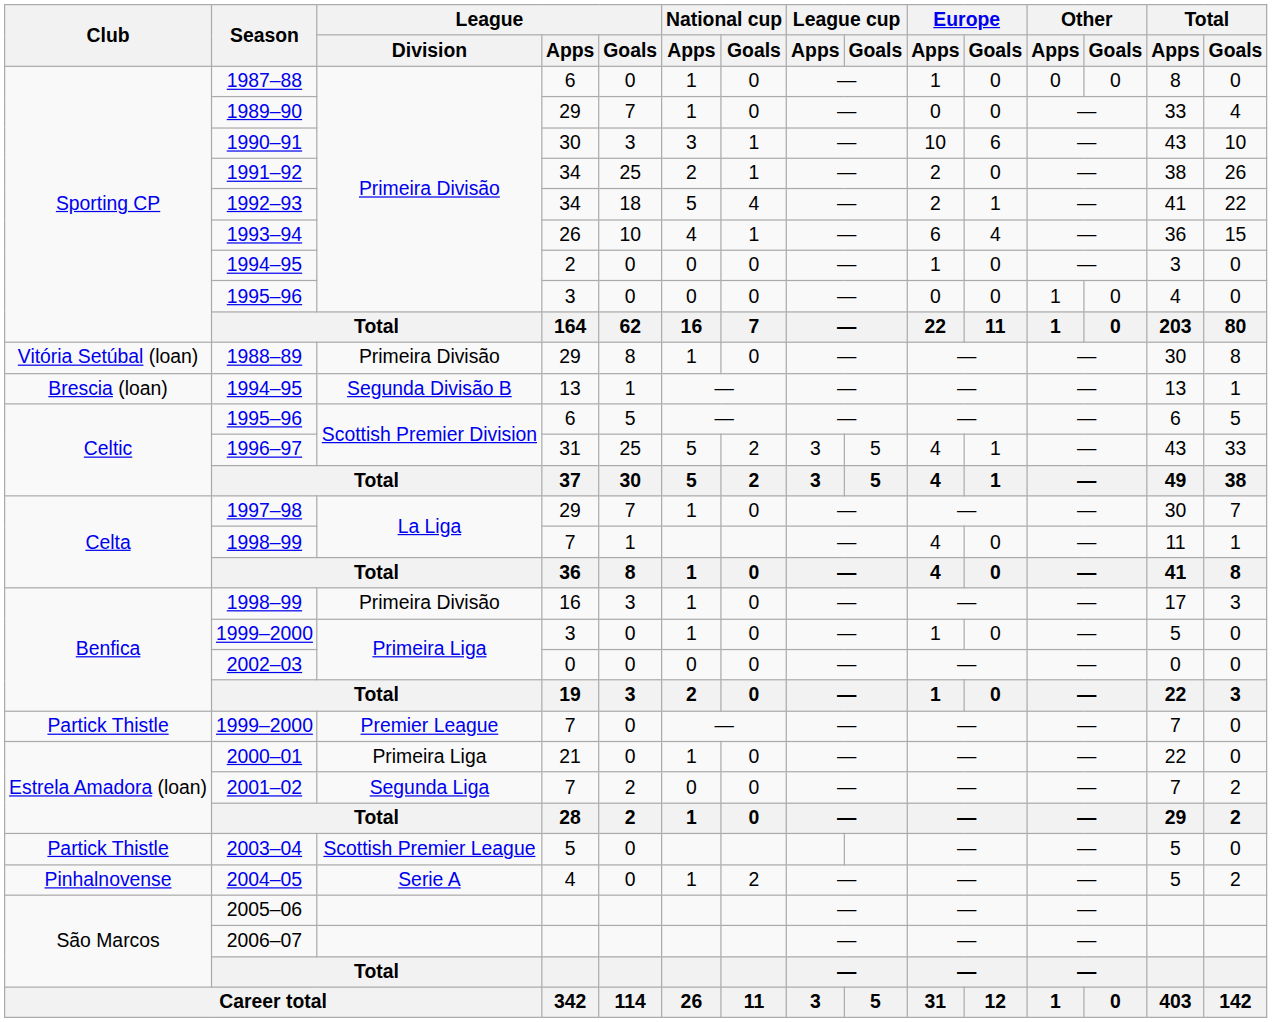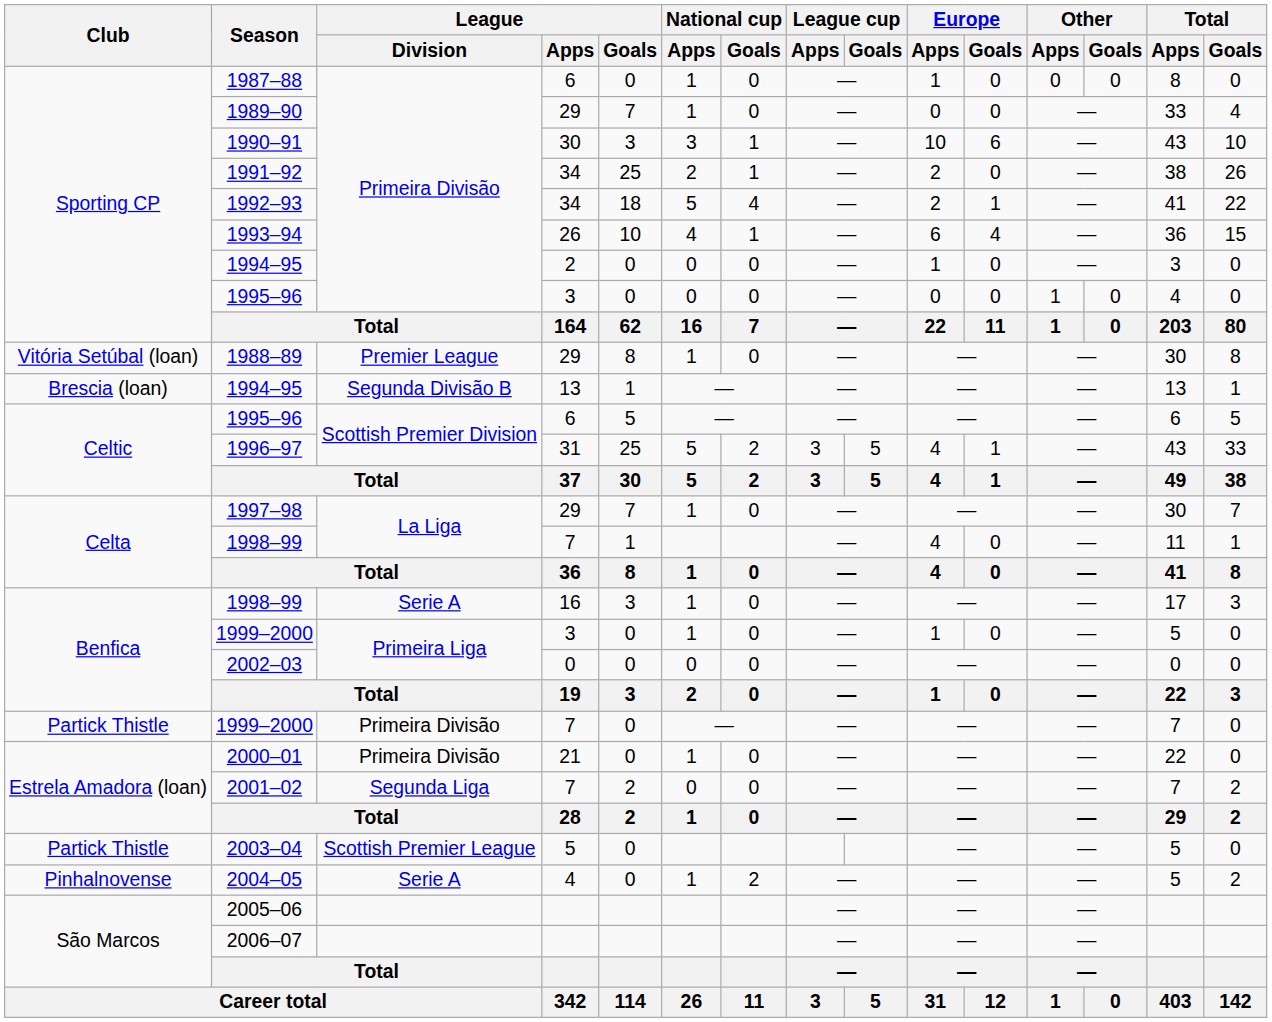 <table class="wikitable" style="text-align:center">
 <tr>
 <th rowspan="2">Club</th>
 <th rowspan="2">Season</th>
 <th colspan="3">League</th>
 <th colspan="2">National cup</th>
 <th colspan="2">League cup</th>
 <th colspan="2"><a href='#'>Europe</a></th>
 <th colspan="2">Other</th>
 <th colspan="2">Total</th>
 </tr>
 <tr>
 <th>Division</th>
 <th>Apps</th>
 <th>Goals</th>
 <th>Apps</th>
 <th>Goals</th>
 <th>Apps</th>
 <th>Goals</th>
 <th>Apps</th>
 <th>Goals</th>
 <th>Apps</th>
 <th>Goals</th>
 <th>Apps</th>
 <th>Goals</th>
 </tr>
 <tr>
 <td rowspan="9"><a href='#'>Sporting CP</a></td>
 <td><a href='#'>1987–88</a></td>
 <td rowspan="8"><a href='#'>Primeira Divisão</a></td>
 <td>6</td>
 <td>0</td>
 <td>1</td>
 <td>0</td>
 <td colspan="2">—</td>
 <td>1</td>
 <td>0</td>
 <td>0</td>
 <td>0</td>
 <td>8</td>
 <td>0</td>
 </tr>
 <tr>
 <td><a href='#'>1989–90</a></td>
 <td>29</td>
 <td>7</td>
 <td>1</td>
 <td>0</td>
 <td colspan="2">—</td>
 <td>0</td>
 <td>0</td>
 <td colspan="2">—</td>
 <td>33</td>
 <td>4</td>
 </tr>
 <tr>
 <td><a href='#'>1990–91</a></td>
 <td>30</td>
 <td>3</td>
 <td>3</td>
 <td>1</td>
 <td colspan="2">—</td>
 <td>10</td>
 <td>6</td>
 <td colspan="2">—</td>
 <td>43</td>
 <td>10</td>
 </tr>
 <tr>
 <td><a href='#'>1991–92</a></td>
 <td>34</td>
 <td>25</td>
 <td>2</td>
 <td>1</td>
 <td colspan="2">—</td>
 <td>2</td>
 <td>0</td>
 <td colspan="2">—</td>
 <td>38</td>
 <td>26</td>
 </tr>
 <tr>
 <td><a href='#'>1992–93</a></td>
 <td>34</td>
 <td>18</td>
 <td>5</td>
 <td>4</td>
 <td colspan="2">—</td>
 <td>2</td>
 <td>1</td>
 <td colspan="2">—</td>
 <td>41</td>
 <td>22</td>
 </tr>
 <tr>
 <td><a href='#'>1993–94</a></td>
 <td>26</td>
 <td>10</td>
 <td>4</td>
 <td>1</td>
 <td colspan="2">—</td>
 <td>6</td>
 <td>4</td>
 <td colspan="2">—</td>
 <td>36</td>
 <td>15</td>
 </tr>
 <tr>
 <td><a href='#'>1994–95</a></td>
 <td>2</td>
 <td>0</td>
 <td>0</td>
 <td>0</td>
 <td colspan="2">—</td>
 <td>1</td>
 <td>0</td>
 <td colspan="2">—</td>
 <td>3</td>
 <td>0</td>
 </tr>
 <tr>
 <td><a href='#'>1995–96</a></td>
 <td>3</td>
 <td>0</td>
 <td>0</td>
 <td>0</td>
 <td colspan="2">—</td>
 <td>0</td>
 <td>0</td>
 <td>1</td>
 <td>0</td>
 <td>4</td>
 <td>0</td>
 </tr>
 <tr>
 <th colspan="2">Total</th>
 <th>164</th>
 <th>62</th>
 <th>16</th>
 <th>7</th>
 <th colspan="2">—</th>
 <th>22</th>
 <th>11</th>
 <th>1</th>
 <th>0</th>
 <th>203</th>
 <th>80</th>
 </tr>
 <tr>
 <td rowspan="1"><a href='#'>Vitória Setúbal</a> (loan)</td>
 <td><a href='#'>1988–89</a></td>
-<td>Primeira Divisão</td>
+<td><a href='#'>Premier League</a></td>
 <td>29</td>
 <td>8</td>
 <td>1</td>
 <td>0</td>
 <td colspan="2">—</td>
 <td colspan="2">—</td>
 <td colspan="2">—</td>
 <td>30</td>
 <td>8</td>
 </tr>
 <tr>
 <td rowspan="1"><a href='#'>Brescia</a> (loan)</td>
 <td><a href='#'>1994–95</a></td>
 <td><a href='#'>Segunda Divisão B</a></td>
 <td>13</td>
 <td>1</td>
 <td colspan="2">—</td>
 <td colspan="2">—</td>
 <td colspan="2">—</td>
 <td colspan="2">—</td>
 <td>13</td>
 <td>1</td>
 </tr>
 <tr>
 <td rowspan="3"><a href='#'>Celtic</a></td>
 <td><a href='#'>1995–96</a></td>
 <td rowspan="2"><a href='#'>Scottish Premier Division</a></td>
 <td>6</td>
 <td>5</td>
 <td colspan="2">—</td>
 <td colspan="2">—</td>
 <td colspan="2">—</td>
 <td colspan="2">—</td>
 <td>6</td>
 <td>5</td>
 </tr>
 <tr>
 <td><a href='#'>1996–97</a></td>
 <td>31</td>
 <td>25</td>
 <td>5</td>
 <td>2</td>
 <td>3</td>
 <td>5</td>
 <td>4</td>
 <td>1</td>
 <td colspan="2">—</td>
 <td>43</td>
 <td>33</td>
 </tr>
 <tr>
 <th colspan="2">Total</th>
 <th>37</th>
 <th>30</th>
 <th>5</th>
 <th>2</th>
 <th>3</th>
 <th>5</th>
 <th>4</th>
 <th>1</th>
 <th colspan="2">—</th>
 <th>49</th>
 <th>38</th>
 </tr>
 <tr>
 <td rowspan="3"><a href='#'>Celta</a></td>
 <td><a href='#'>1997–98</a></td>
 <td rowspan="2"><a href='#'>La Liga</a></td>
 <td>29</td>
 <td>7</td>
 <td>1</td>
 <td>0</td>
 <td colspan="2">—</td>
 <td colspan="2">—</td>
 <td colspan="2">—</td>
 <td>30</td>
 <td>7</td>
 </tr>
 <tr>
 <td><a href='#'>1998–99</a></td>
 <td>7</td>
 <td>1</td>
 <td></td>
 <td></td>
 <td colspan="2">—</td>
 <td>4</td>
 <td>0</td>
 <td colspan="2">—</td>
 <td>11</td>
 <td>1</td>
 </tr>
 <tr>
 <th colspan="2">Total</th>
 <th>36</th>
 <th>8</th>
 <th>1</th>
 <th>0</th>
 <th colspan="2">—</th>
 <th>4</th>
 <th>0</th>
 <th colspan="2">—</th>
 <th>41</th>
 <th>8</th>
 </tr>
 <tr>
 <td rowspan="4"><a href='#'>Benfica</a></td>
 <td><a href='#'>1998–99</a></td>
-<td>Primeira Divisão</td>
+<td><a href='#'>Serie A</a></td>
 <td>16</td>
 <td>3</td>
 <td>1</td>
 <td>0</td>
 <td colspan="2">—</td>
 <td colspan="2">—</td>
 <td colspan="2">—</td>
 <td>17</td>
 <td>3</td>
 </tr>
 <tr>
 <td><a href='#'>1999–2000</a></td>
 <td rowspan="2"><a href='#'>Primeira Liga</a></td>
 <td>3</td>
 <td>0</td>
 <td>1</td>
 <td>0</td>
 <td colspan="2">—</td>
 <td>1</td>
 <td>0</td>
 <td colspan="2">—</td>
 <td>5</td>
 <td>0</td>
 </tr>
 <tr>
 <td><a href='#'>2002–03</a></td>
 <td>0</td>
 <td>0</td>
 <td>0</td>
 <td>0</td>
 <td colspan="2">—</td>
 <td colspan="2">—</td>
 <td colspan="2">—</td>
 <td>0</td>
 <td>0</td>
 </tr>
 <tr>
 <th colspan="2">Total</th>
 <th>19</th>
 <th>3</th>
 <th>2</th>
 <th>0</th>
 <th colspan="2">—</th>
 <th>1</th>
 <th>0</th>
 <th colspan="2">—</th>
 <th>22</th>
 <th>3</th>
 </tr>
 <tr>
 <td rowspan="1"><a href='#'>Partick Thistle</a></td>
 <td><a href='#'>1999–2000</a></td>
-<td><a href='#'>Premier League</a></td>
+<td>Primeira Divisão</td>
 <td>7</td>
 <td>0</td>
 <td colspan="2">—</td>
 <td colspan="2">—</td>
 <td colspan="2">—</td>
 <td colspan="2">—</td>
 <td>7</td>
 <td>0</td>
 </tr>
 <tr>
 <td rowspan="3"><a href='#'>Estrela Amadora</a> (loan)</td>
 <td><a href='#'>2000–01</a></td>
-<td>Primeira Liga</td>
+<td>Primeira Divisão</td>
 <td>21</td>
 <td>0</td>
 <td>1</td>
 <td>0</td>
 <td colspan="2">—</td>
 <td colspan="2">—</td>
 <td colspan="2">—</td>
 <td>22</td>
 <td>0</td>
 </tr>
 <tr>
 <td><a href='#'>2001–02</a></td>
 <td><a href='#'>Segunda Liga</a></td>
 <td>7</td>
 <td>2</td>
 <td>0</td>
 <td>0</td>
 <td colspan="2">—</td>
 <td colspan="2">—</td>
 <td colspan="2">—</td>
 <td>7</td>
 <td>2</td>
 </tr>
 <tr>
 <th colspan="2">Total</th>
 <th>28</th>
 <th>2</th>
 <th>1</th>
 <th>0</th>
 <th colspan="2">—</th>
 <th colspan="2">—</th>
 <th colspan="2">—</th>
 <th>29</th>
 <th>2</th>
 </tr>
 <tr>
 <td rowspan="1"><a href='#'>Partick Thistle</a></td>
 <td><a href='#'>2003–04</a></td>
 <td><a href='#'>Scottish Premier League</a></td>
 <td>5</td>
 <td>0</td>
 <td></td>
 <td></td>
 <td></td>
 <td></td>
 <td colspan="2">—</td>
 <td colspan="2">—</td>
 <td>5</td>
 <td>0</td>
 </tr>
 <tr>
 <td rowspan="1"><a href='#'>Pinhalnovense</a></td>
 <td><a href='#'>2004–05</a></td>
 <td><a href='#'>Serie A</a></td>
 <td>4</td>
 <td>0</td>
 <td>1</td>
 <td>2</td>
 <td colspan="2">—</td>
 <td colspan="2">—</td>
 <td colspan="2">—</td>
 <td>5</td>
 <td>2</td>
 </tr>
 <tr>
 <td rowspan="3">São Marcos</td>
 <td>2005–06</td>
 <td></td>
 <td></td>
 <td></td>
 <td></td>
 <td></td>
 <td colspan="2">—</td>
 <td colspan="2">—</td>
 <td colspan="2">—</td>
 <td></td>
 <td></td>
 </tr>
 <tr>
 <td>2006–07</td>
 <td></td>
 <td></td>
 <td></td>
 <td></td>
 <td></td>
 <td colspan="2">—</td>
 <td colspan="2">—</td>
 <td colspan="2">—</td>
 <td></td>
 <td></td>
 </tr>
 <tr>
 <th colspan="2">Total</th>
 <th></th>
 <th></th>
 <th></th>
 <th></th>
 <th colspan="2">—</th>
 <th colspan="2">—</th>
 <th colspan="2">—</th>
 <th></th>
 <th></th>
 </tr>
 <tr>
 <th colspan="3">Career total</th>
 <th>342</th>
 <th>114</th>
 <th>26</th>
 <th>11</th>
 <th>3</th>
 <th>5</th>
 <th>31</th>
 <th>12</th>
 <th>1</th>
 <th>0</th>
 <th>403</th>
 <th>142</th>
 </tr>
 </table>
